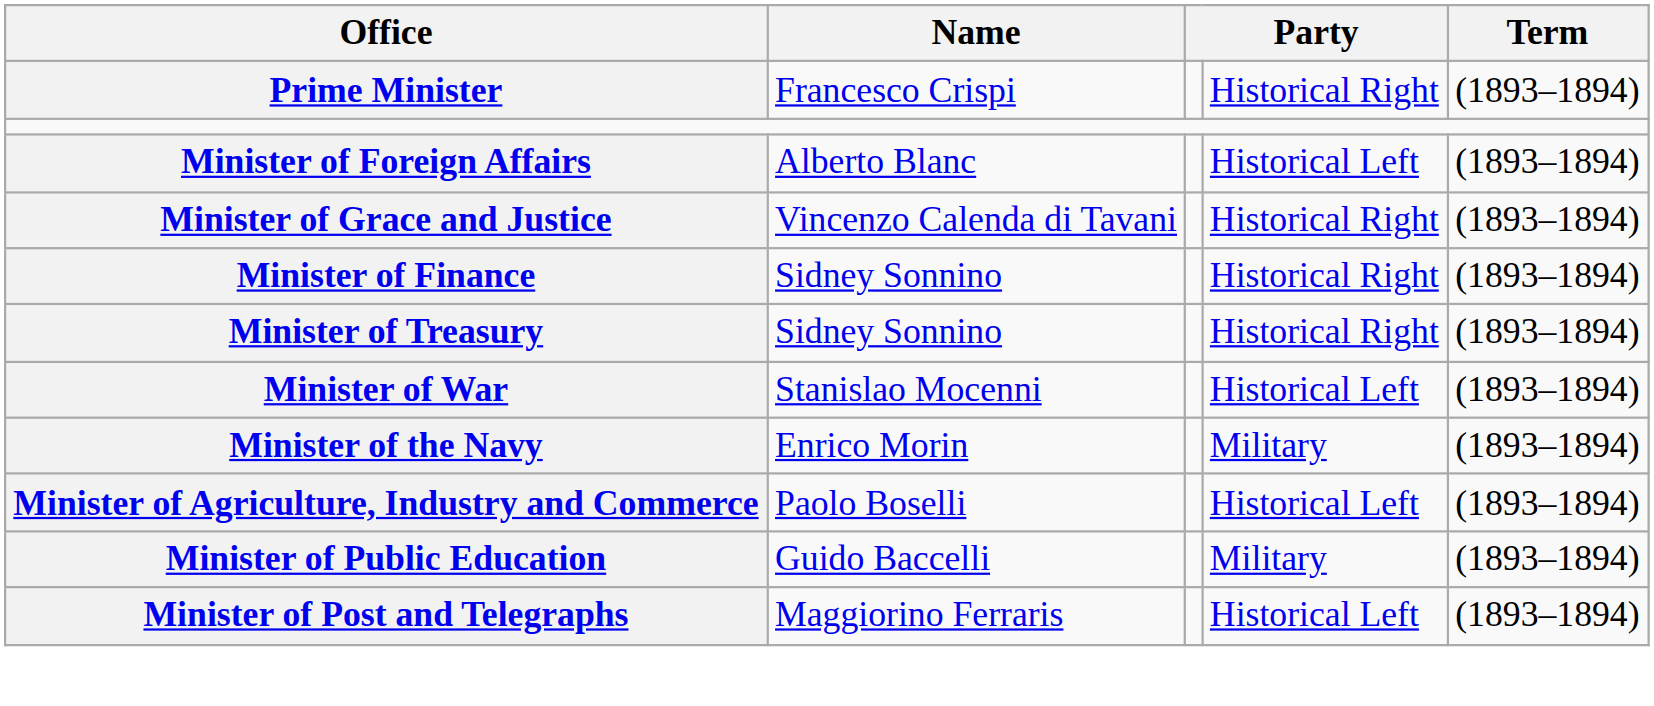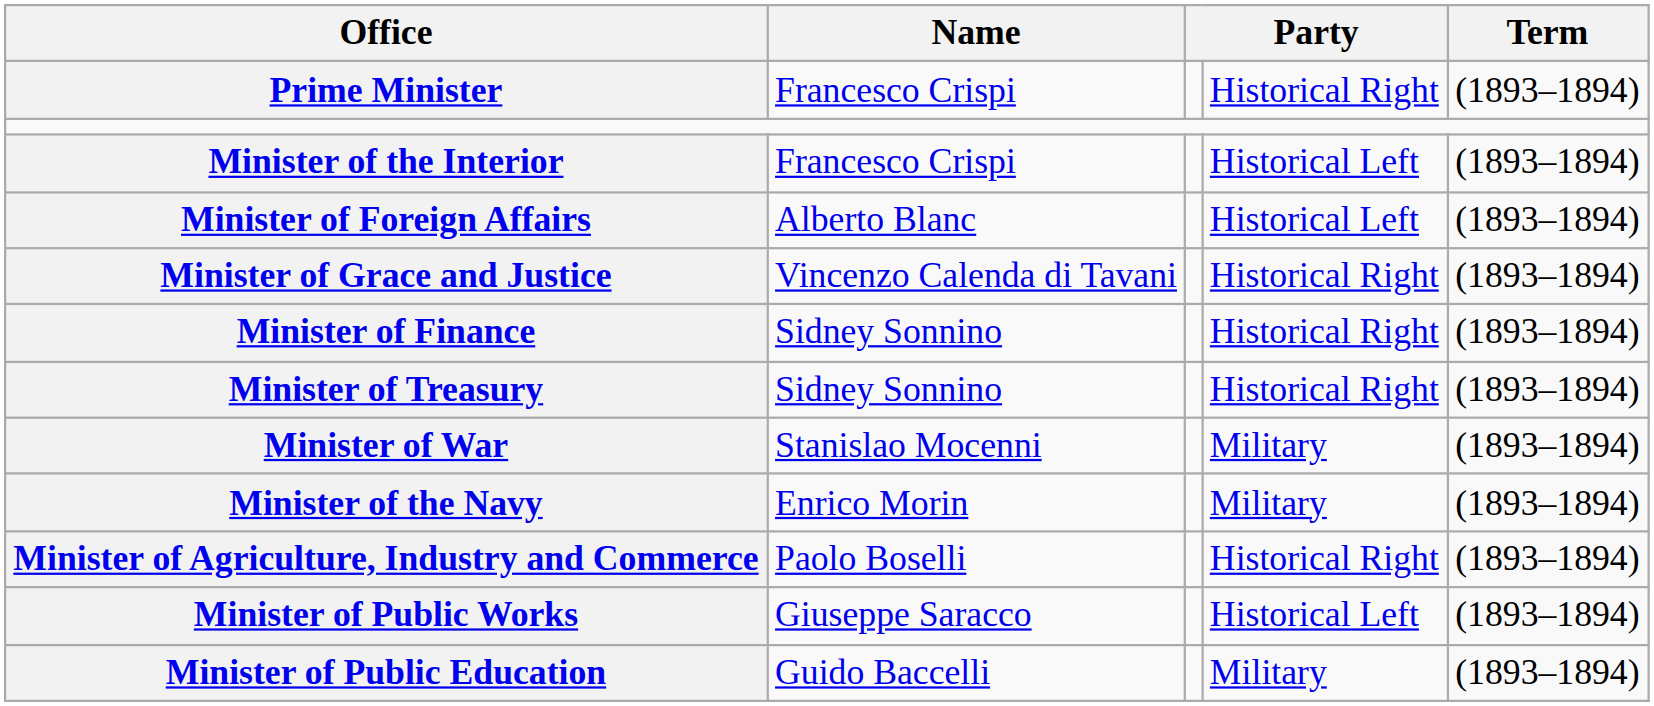 <table class="wikitable" style="font-size: 100%;">
 <tr>
 <th>Office</th>
 <th>Name</th>
 <th colspan=2>Party</th>
 <th>Term</th>
 </tr>
 <tr>
 <th><a href='#'>Prime Minister</a></th>
 <td><a href='#'>Francesco Crispi</a></td>
 <td style="color:inherit;background:"></td>
 <td><a href='#'>Historical Right</a></td>
 <td>(1893–1894)</td>
 </tr>
 <tr>
 <td colspan=5></td>
+</tr>
+<tr>
+<th><a href='#'>Minister of the Interior</a></th>
+<td><a href='#'>Francesco Crispi</a></td>
+<td style="color:inherit;background:"></td>
+<td><a href='#'>Historical Left</a></td>
+<td>(1893–1894)</td>
 </tr>
 <tr>
 <th><a href='#'>Minister of Foreign Affairs</a></th>
 <td><a href='#'>Alberto Blanc</a></td>
 <td style="color:inherit;background:"></td>
 <td><a href='#'>Historical Left</a></td>
 <td>(1893–1894)</td>
 </tr>
 <tr>
 <th><a href='#'>Minister of Grace and Justice</a></th>
 <td><a href='#'>Vincenzo Calenda di Tavani</a></td>
 <td style="color:inherit;background:"></td>
 <td><a href='#'>Historical Right</a></td>
 <td>(1893–1894)</td>
 </tr>
 <tr>
 <th><a href='#'>Minister of Finance</a></th>
 <td><a href='#'>Sidney Sonnino</a></td>
 <td style="color:inherit;background:"></td>
 <td><a href='#'>Historical Right</a></td>
 <td>(1893–1894)</td>
 </tr>
 <tr>
 <th><a href='#'>Minister of Treasury</a></th>
 <td><a href='#'>Sidney Sonnino</a></td>
 <td style="color:inherit;background:"></td>
 <td><a href='#'>Historical Right</a></td>
 <td>(1893–1894)</td>
 </tr>
 <tr>
 <th><a href='#'>Minister of War</a></th>
 <td><a href='#'>Stanislao Mocenni</a></td>
 <td style="color:inherit;background:"></td>
-<td><a href='#'>Historical Left</a></td>
+<td><a href='#'>Military</a></td>
 <td>(1893–1894)</td>
 </tr>
 <tr>
 <th><a href='#'>Minister of the Navy</a></th>
 <td><a href='#'>Enrico Morin</a></td>
 <td style="color:inherit;background:"></td>
 <td><a href='#'>Military</a></td>
 <td>(1893–1894)</td>
 </tr>
 <tr>
 <th><a href='#'>Minister of Agriculture, Industry and Commerce</a></th>
 <td><a href='#'>Paolo Boselli</a></td>
 <td style="color:inherit;background:"></td>
+<td><a href='#'>Historical Right</a></td>
+<td>(1893–1894)</td>
+</tr>
+<tr>
+<th><a href='#'>Minister of Public Works</a></th>
+<td><a href='#'>Giuseppe Saracco</a></td>
+<td style="color:inherit;background:"></td>
 <td><a href='#'>Historical Left</a></td>
 <td>(1893–1894)</td>
 </tr>
 <tr>
 <th><a href='#'>Minister of Public Education</a></th>
 <td><a href='#'>Guido Baccelli</a></td>
 <td style="color:inherit;background:"></td>
 <td><a href='#'>Military</a></td>
 <td>(1893–1894)</td>
 </tr>
-<tr>
-<th><a href='#'>Minister of Post and Telegraphs</a></th>
-<td><a href='#'>Maggiorino Ferraris</a></td>
-<td style="color:inherit;background:"></td>
-<td><a href='#'>Historical Left</a></td>
-<td>(1893–1894)</td>
-</tr>
 </table>
